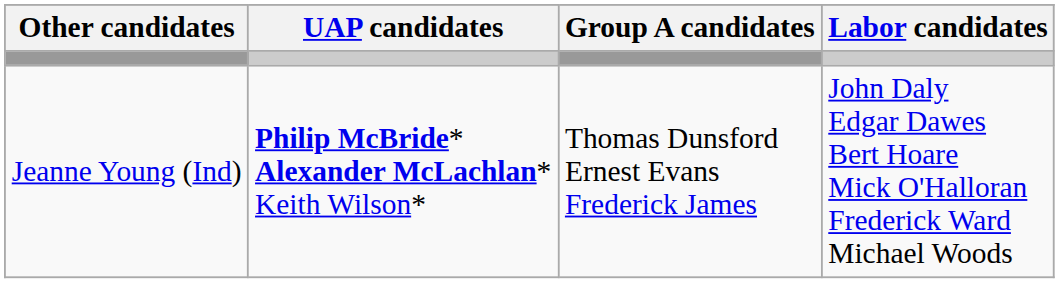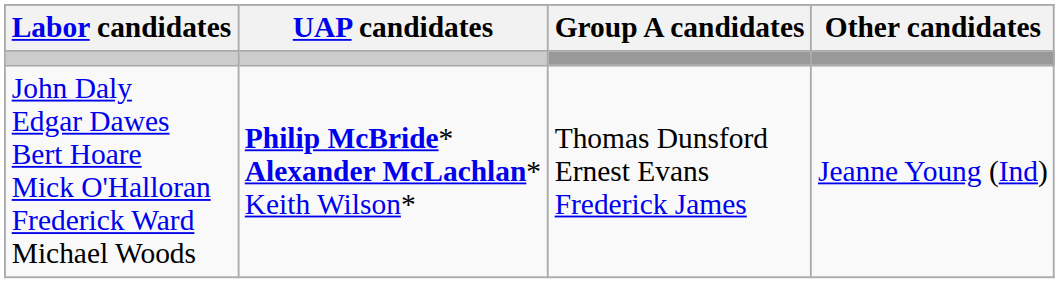 <table class="wikitable">
 <tr>
-<th>Other candidates</th>
+<th><a href='#'>Labor</a> candidates</th>
 <th><a href='#'>UAP</a> candidates</th>
 <th>Group A candidates</th>
-<th><a href='#'>Labor</a> candidates</th>
+<th>Other candidates</th>
 </tr>
 <tr bgcolor="#cccccc">
-<td bgcolor="#999999"></td>
+<td></td>
 <td></td>
 <td bgcolor="#999999"></td>
-<td></td>
+<td bgcolor="#999999"></td>
 </tr>
 <tr>
-<td><a href='#'>Jeanne Young</a> (<a href='#'>Ind</a>)</td>
+<td><a href='#'>John Daly</a><br><a href='#'>Edgar Dawes</a><br><a href='#'>Bert Hoare</a><br><a href='#'>Mick O'Halloran</a><br><a href='#'>Frederick Ward</a><br>Michael Woods</td>
 <td><strong><a href='#'>Philip McBride</a></strong>*<br><strong><a href='#'>Alexander McLachlan</a></strong>*<br><a href='#'>Keith Wilson</a>*</td>
 <td>Thomas Dunsford<br>Ernest Evans<br><a href='#'>Frederick James</a></td>
-<td><a href='#'>John Daly</a><br><a href='#'>Edgar Dawes</a><br><a href='#'>Bert Hoare</a><br><a href='#'>Mick O'Halloran</a><br><a href='#'>Frederick Ward</a><br>Michael Woods</td>
+<td><a href='#'>Jeanne Young</a> (<a href='#'>Ind</a>)</td>
 </tr>
 </table>
